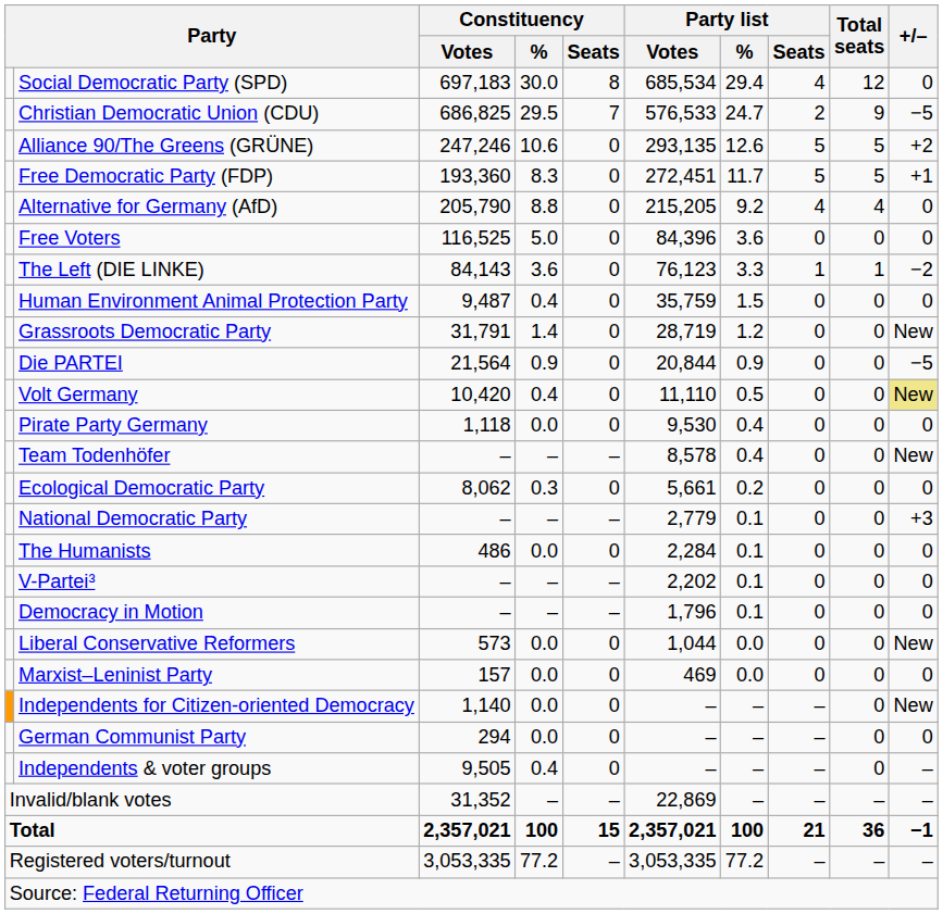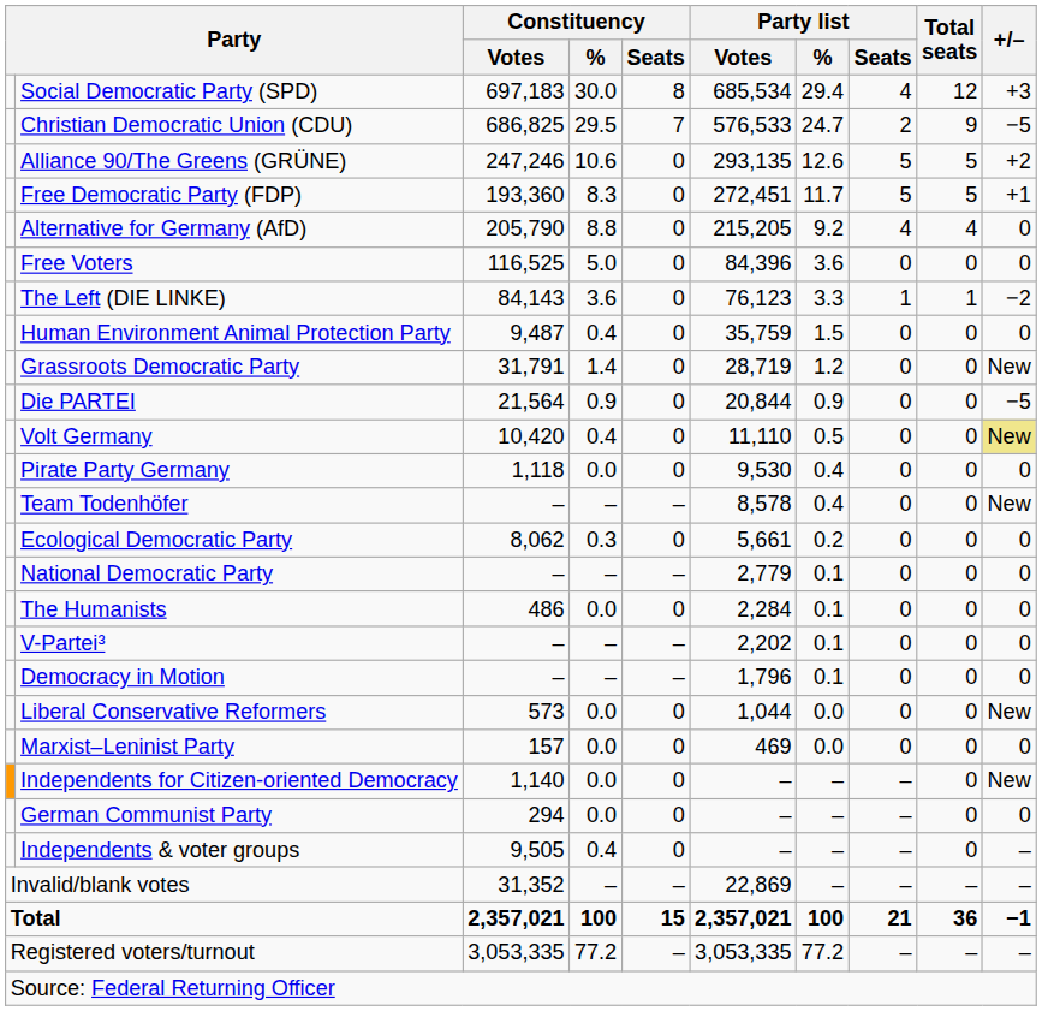 <table class="wikitable" style="text-align:right">
 <tr>
 <th colspan="2" rowspan="2">Party</th>
 <th colspan="3">Constituency</th>
 <th colspan="3">Party list</th>
 <th rowspan="2">Total<br>seats</th>
 <th rowspan="2">+/–</th>
 </tr>
 <tr>
 <th>Votes</th>
 <th>%</th>
 <th>Seats</th>
 <th>Votes</th>
 <th>%</th>
 <th>Seats</th>
 </tr>
 <tr>
 <td></td>
 <td align="left"><a href='#'>Social Democratic Party</a> (SPD)</td>
 <td>697,183</td>
 <td>30.0</td>
 <td>8</td>
 <td>685,534</td>
 <td>29.4</td>
 <td>4</td>
 <td>12</td>
-<td>0</td>
+<td>+3</td>
 </tr>
 <tr>
 <td></td>
 <td align="left"><a href='#'>Christian Democratic Union</a> (CDU)</td>
 <td>686,825</td>
 <td>29.5</td>
 <td>7</td>
 <td>576,533</td>
 <td>24.7</td>
 <td>2</td>
 <td>9</td>
 <td>−5</td>
 </tr>
 <tr>
 <td></td>
 <td align="left"><a href='#'>Alliance 90/The Greens</a> (GRÜNE)</td>
 <td>247,246</td>
 <td>10.6</td>
 <td>0</td>
 <td>293,135</td>
 <td>12.6</td>
 <td>5</td>
 <td>5</td>
 <td>+2</td>
 </tr>
 <tr>
 <td></td>
 <td align="left"><a href='#'>Free Democratic Party</a> (FDP)</td>
 <td>193,360</td>
 <td>8.3</td>
 <td>0</td>
 <td>272,451</td>
 <td>11.7</td>
 <td>5</td>
 <td>5</td>
 <td>+1</td>
 </tr>
 <tr>
 <td></td>
 <td align="left"><a href='#'>Alternative for Germany</a> (AfD)</td>
 <td>205,790</td>
 <td>8.8</td>
 <td>0</td>
 <td>215,205</td>
 <td>9.2</td>
 <td>4</td>
 <td>4</td>
 <td>0</td>
 </tr>
 <tr>
 <td style="background-color:"></td>
 <td align="left"><a href='#'>Free Voters</a></td>
 <td>116,525</td>
 <td>5.0</td>
 <td>0</td>
 <td>84,396</td>
 <td>3.6</td>
 <td>0</td>
 <td>0</td>
 <td>0</td>
 </tr>
 <tr>
 <td></td>
 <td align="left"><a href='#'>The Left</a> (DIE LINKE)</td>
 <td>84,143</td>
 <td>3.6</td>
 <td>0</td>
 <td>76,123</td>
 <td>3.3</td>
 <td>1</td>
 <td>1</td>
 <td>−2</td>
 </tr>
 <tr>
 <td style="background-color:"></td>
 <td align="left"><a href='#'>Human Environment Animal Protection Party</a></td>
 <td>9,487</td>
 <td>0.4</td>
 <td>0</td>
 <td>35,759</td>
 <td>1.5</td>
 <td>0</td>
 <td>0</td>
 <td>0</td>
 </tr>
 <tr>
 <td style="background-color:"></td>
 <td align="left"><a href='#'>Grassroots Democratic Party</a></td>
 <td>31,791</td>
 <td>1.4</td>
 <td>0</td>
 <td>28,719</td>
 <td>1.2</td>
 <td>0</td>
 <td>0</td>
 <td>New</td>
 </tr>
 <tr>
 <td style="background-color:"></td>
 <td align="left"><a href='#'>Die PARTEI</a></td>
 <td>21,564</td>
 <td>0.9</td>
 <td>0</td>
 <td>20,844</td>
 <td>0.9</td>
 <td>0</td>
 <td>0</td>
 <td>−5</td>
 </tr>
 <tr>
 <td style="background-color:"></td>
 <td align="left"><a href='#'>Volt Germany</a></td>
 <td>10,420</td>
 <td>0.4</td>
 <td>0</td>
 <td>11,110</td>
 <td>0.5</td>
 <td>0</td>
 <td>0</td>
 <td style="background: khaki;">New</td>
 </tr>
 <tr>
 <td style="background-color:"></td>
 <td align="left"><a href='#'>Pirate Party Germany</a></td>
 <td>1,118</td>
 <td>0.0</td>
 <td>0</td>
 <td>9,530</td>
 <td>0.4</td>
 <td>0</td>
 <td>0</td>
 <td>0</td>
 </tr>
 <tr>
 <td style="background-color:"></td>
 <td align="left"><a href='#'>Team Todenhöfer</a></td>
 <td>–</td>
 <td>–</td>
 <td>–</td>
 <td>8,578</td>
 <td>0.4</td>
 <td>0</td>
 <td>0</td>
 <td>New</td>
 </tr>
 <tr>
 <td style="background-color:"></td>
 <td align="left"><a href='#'>Ecological Democratic Party</a></td>
 <td>8,062</td>
 <td>0.3</td>
 <td>0</td>
 <td>5,661</td>
 <td>0.2</td>
 <td>0</td>
 <td>0</td>
 <td>0</td>
 </tr>
 <tr>
 <td style="background-color:"></td>
 <td align="left"><a href='#'>National Democratic Party</a></td>
 <td>–</td>
 <td>–</td>
 <td>–</td>
 <td>2,779</td>
 <td>0.1</td>
 <td>0</td>
 <td>0</td>
-<td>+3</td>
+<td>0</td>
 </tr>
 <tr>
 <td style="background-color:"></td>
 <td align="left"><a href='#'>The Humanists</a></td>
 <td>486</td>
 <td>0.0</td>
 <td>0</td>
 <td>2,284</td>
 <td>0.1</td>
 <td>0</td>
 <td>0</td>
 <td>0</td>
 </tr>
 <tr>
 <td style="background-color:"></td>
 <td align="left"><a href='#'>V-Partei³</a></td>
 <td>–</td>
 <td>–</td>
 <td>–</td>
 <td>2,202</td>
 <td>0.1</td>
 <td>0</td>
 <td>0</td>
 <td>0</td>
 </tr>
 <tr>
 <td style="background-color:"></td>
 <td align="left"><a href='#'>Democracy in Motion</a></td>
 <td>–</td>
 <td>–</td>
 <td>–</td>
 <td>1,796</td>
 <td>0.1</td>
 <td>0</td>
 <td>0</td>
 <td>0</td>
 </tr>
 <tr>
 <td style="background-color:"></td>
 <td align="left"><a href='#'>Liberal Conservative Reformers</a></td>
 <td>573</td>
 <td>0.0</td>
 <td>0</td>
 <td>1,044</td>
 <td>0.0</td>
 <td>0</td>
 <td>0</td>
 <td>New</td>
 </tr>
 <tr>
 <td style="background-color:"></td>
 <td align="left"><a href='#'>Marxist–Leninist Party</a></td>
 <td>157</td>
 <td>0.0</td>
 <td>0</td>
 <td>469</td>
 <td>0.0</td>
 <td>0</td>
 <td>0</td>
 <td>0</td>
 </tr>
 <tr>
 <td style="background-color:#FF9900"></td>
 <td align="left"><a href='#'>Independents for Citizen-oriented Democracy</a></td>
 <td>1,140</td>
 <td>0.0</td>
 <td>0</td>
 <td>–</td>
 <td>–</td>
 <td>–</td>
 <td>0</td>
 <td>New</td>
 </tr>
 <tr>
 <td style="background-color:"></td>
 <td align="left"><a href='#'>German Communist Party</a></td>
 <td>294</td>
 <td>0.0</td>
 <td>0</td>
 <td>–</td>
 <td>–</td>
 <td>–</td>
 <td>0</td>
 <td>0</td>
 </tr>
 <tr>
 <td style="background-color:"></td>
 <td align="left"><a href='#'>Independents</a> & voter groups</td>
 <td>9,505</td>
 <td>0.4</td>
 <td>0</td>
 <td>–</td>
 <td>–</td>
 <td>–</td>
 <td>0</td>
 <td>–</td>
 </tr>
 <tr>
 <td colspan="2" align="left">Invalid/blank votes</td>
 <td>31,352</td>
 <td>–</td>
 <td>–</td>
 <td>22,869</td>
 <td>–</td>
 <td>–</td>
 <td>–</td>
 <td>–</td>
 </tr>
 <tr>
 <td colspan="2" align="left"><strong>Total</strong></td>
 <td><strong>2,357,021</strong></td>
 <td><strong>100</strong></td>
 <td><strong>15</strong></td>
 <td><strong>2,357,021</strong></td>
 <td><strong>100</strong></td>
 <td><strong>21</strong></td>
 <td><strong>36</strong></td>
 <td><strong>−1</strong></td>
 </tr>
 <tr>
 <td colspan="2" align="left">Registered voters/turnout</td>
 <td>3,053,335</td>
 <td>77.2</td>
 <td>–</td>
 <td>3,053,335</td>
 <td>77.2</td>
 <td>–</td>
 <td>–</td>
 <td>–</td>
 </tr>
 <tr>
 <td colspan="10" align="left">Source: <a href='#'>Federal Returning Officer</a></td>
 </tr>
 </table>
